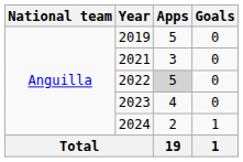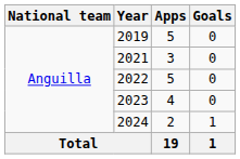 <table class="wikitable" style="text-align:center">
 <tr>
 <th>National team</th>
 <th>Year</th>
 <th>Apps</th>
 <th>Goals</th>
 </tr>
 <tr>
 <td rowspan="5"><a href='#'>Anguilla</a></td>
 <td>2019</td>
 <td>5</td>
 <td>0</td>
 </tr>
 <tr>
 <td>2021</td>
 <td>3</td>
 <td>0</td>
 </tr>
 <tr>
 <td>2022</td>
-<td style="background: lightgrey;">5</td>
+<td>5</td>
 <td>0</td>
 </tr>
 <tr>
 <td>2023</td>
 <td>4</td>
 <td>0</td>
 </tr>
 <tr>
 <td>2024</td>
 <td>2</td>
 <td>1</td>
 </tr>
 <tr>
 <th colspan=2>Total</th>
 <th>19</th>
 <th>1</th>
 </tr>
 </table>
